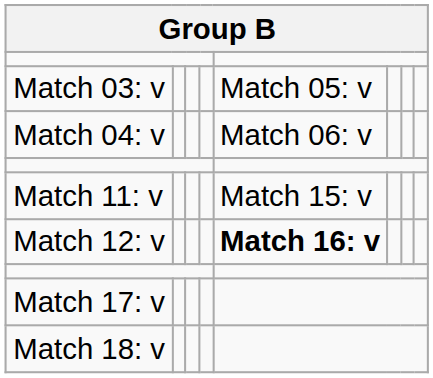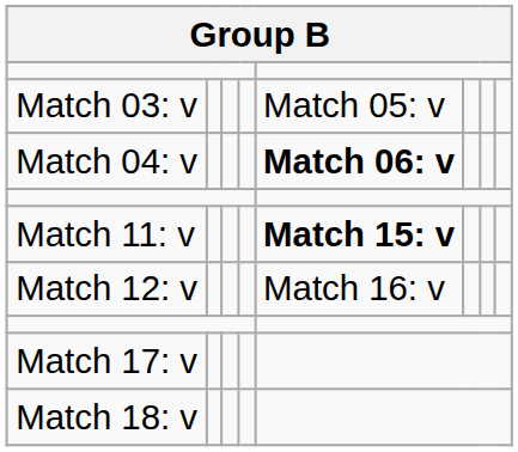 <table class="wikitable" style="text-align: left; font-size: 90%; margin-left: 1em;">
 <tr>
 <th colspan="12">Group B</th>
 </tr>
 <tr>
 <td colspan="4" style="text-align: center;"></td>
 <td colspan="4" style="text-align: center;"></td>
 </tr>
 <tr>
 <td>Match 03:  v </td>
 <td></td>
 <td></td>
 <td></td>
 <td>Match 05:  v </td>
 <td></td>
 <td></td>
 <td></td>
 </tr>
 <tr>
 <td>Match 04:  v </td>
 <td></td>
 <td></td>
 <td></td>
-<td>Match 06:  v </td>
+<td><strong>Match 06:  v </strong></td>
 <td></td>
 <td></td>
 <td></td>
 </tr>
 <tr>
 <td colspan="4" style="text-align: center;"></td>
 <td colspan="4" style="text-align: center;"></td>
 </tr>
 <tr>
 <td>Match 11:  v </td>
 <td></td>
 <td></td>
 <td></td>
-<td>Match 15:  v </td>
+<td><strong>Match 15:  v </strong></td>
 <td></td>
 <td></td>
 <td></td>
 </tr>
 <tr>
 <td>Match 12:  v </td>
 <td></td>
 <td></td>
 <td></td>
-<td><strong>Match 16:  v </strong></td>
+<td>Match 16:  v </td>
 <td></td>
 <td></td>
 <td></td>
 </tr>
 <tr>
 <td colspan="4" style="text-align: center;"></td>
 <td colspan="4"></td>
 </tr>
 <tr>
 <td>Match 17:  v </td>
 <td></td>
 <td></td>
 <td></td>
 <td colspan="4"></td>
 </tr>
 <tr>
 <td>Match 18:  v </td>
 <td></td>
 <td></td>
 <td></td>
 <td colspan="4"></td>
 </tr>
 </table>
